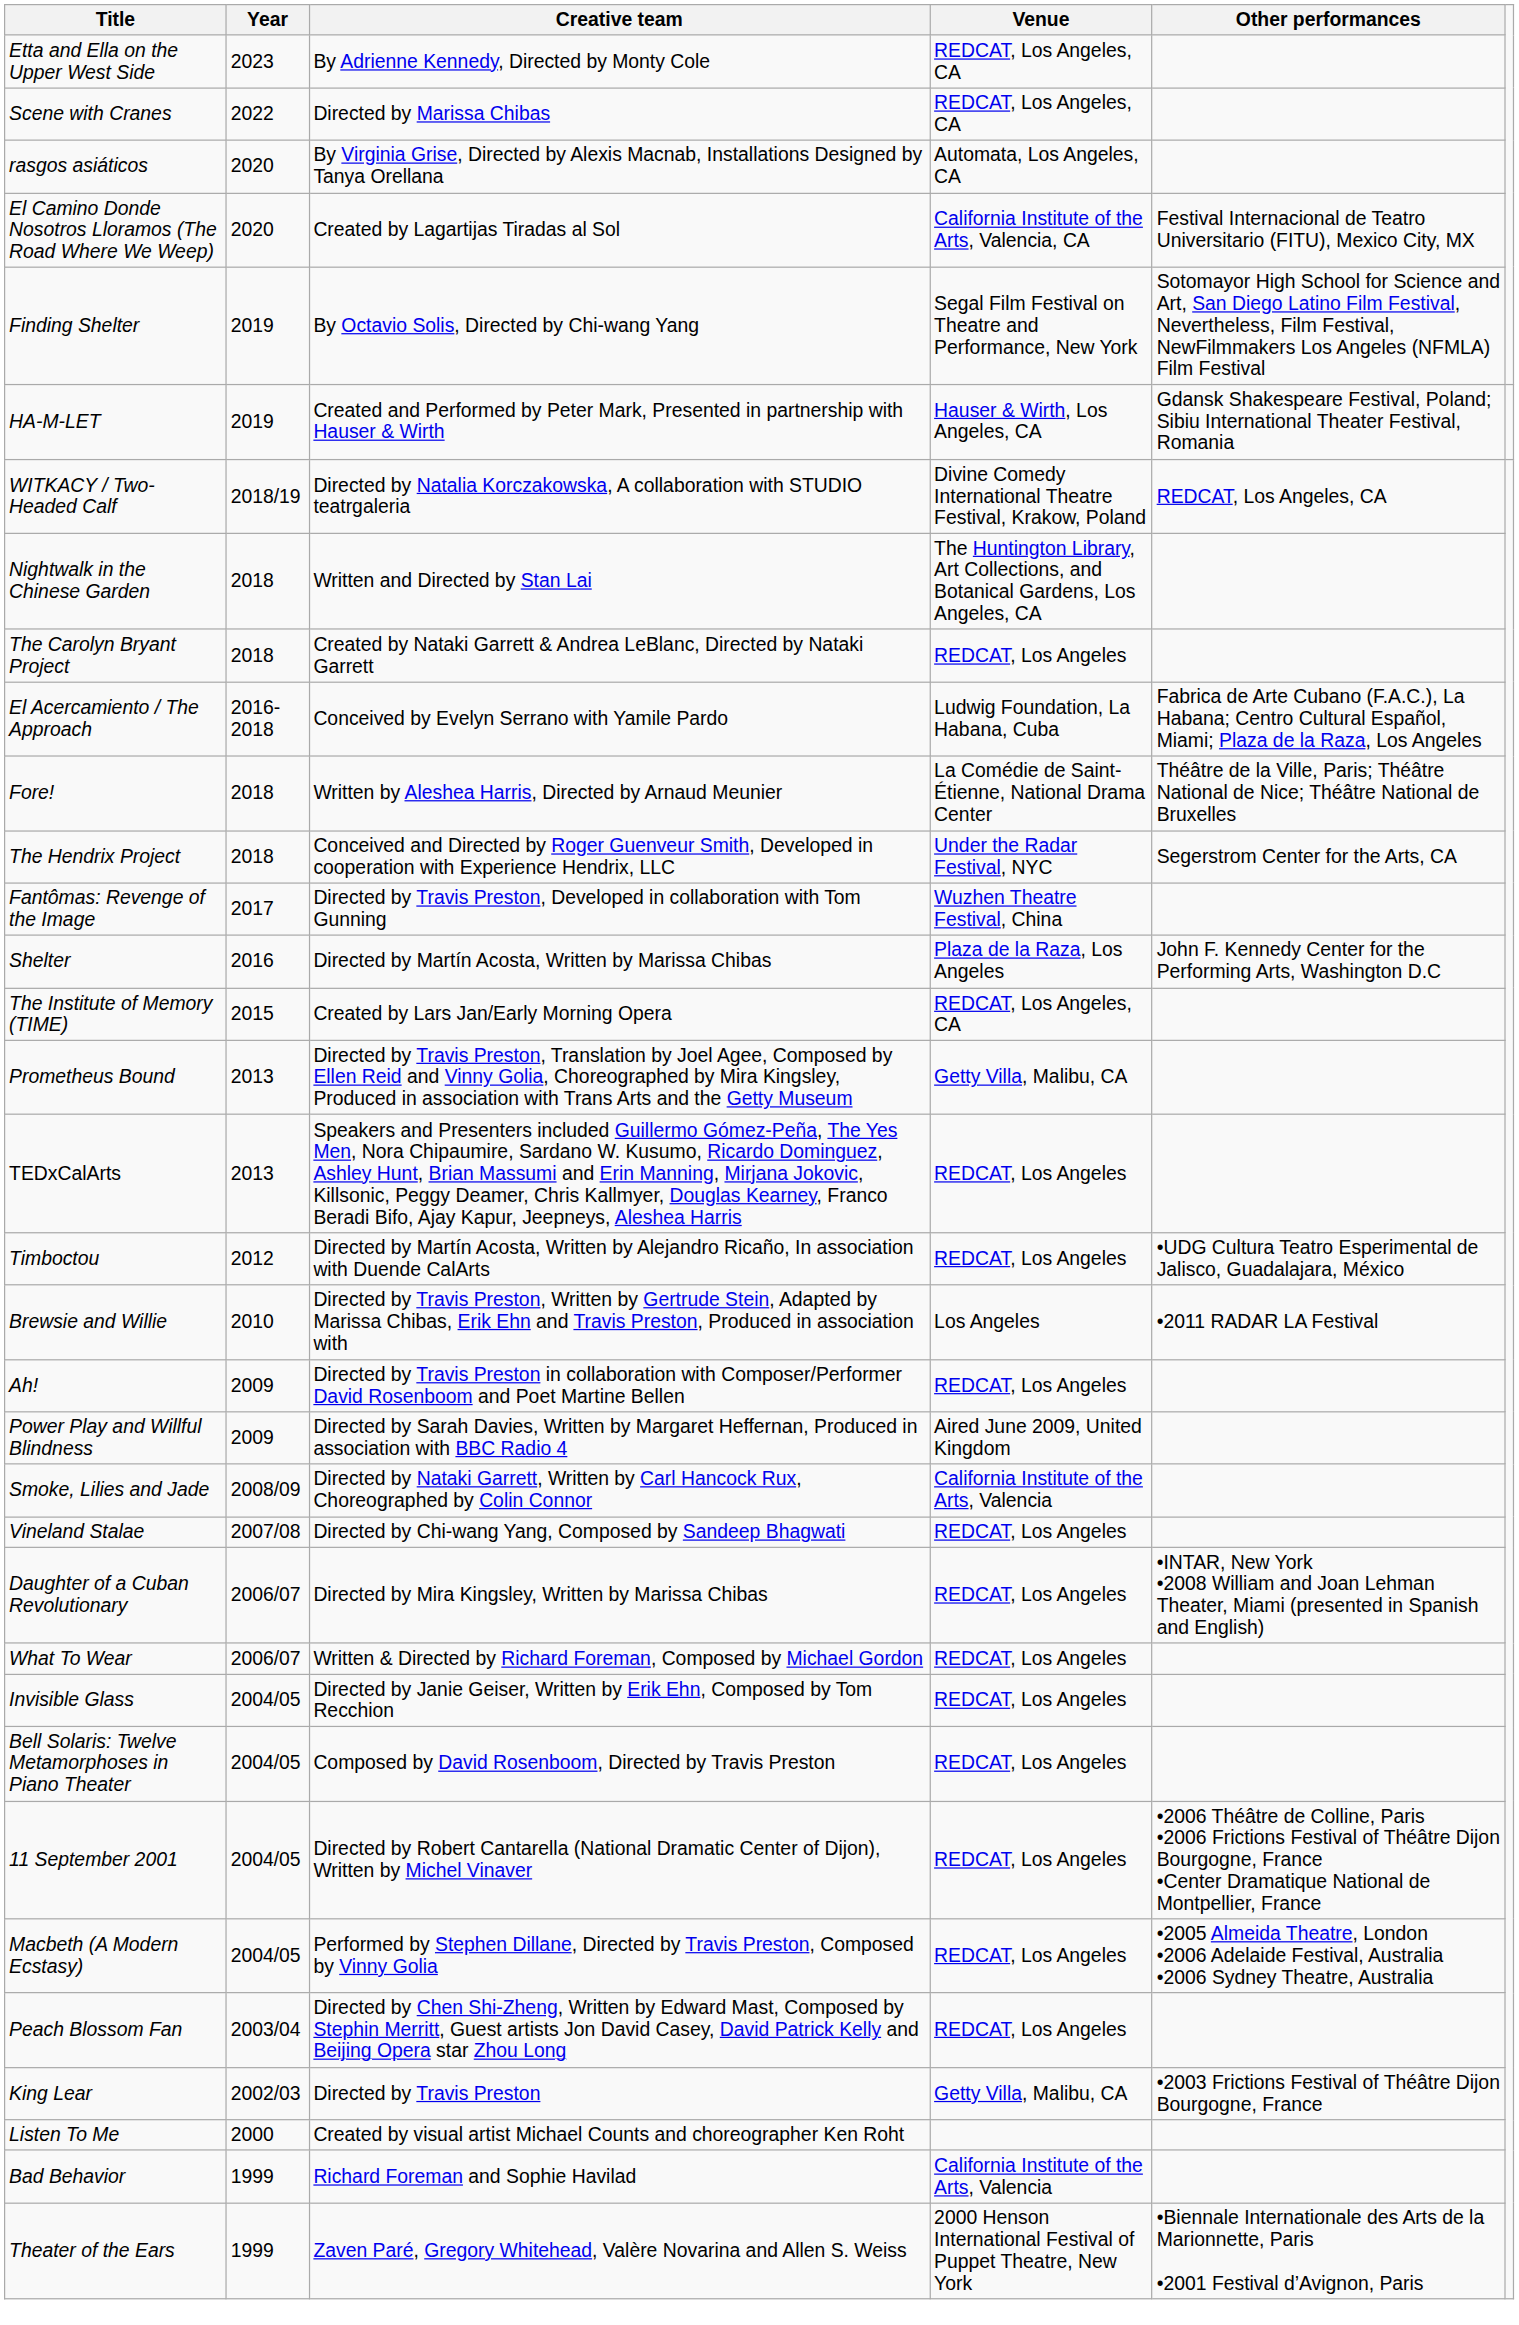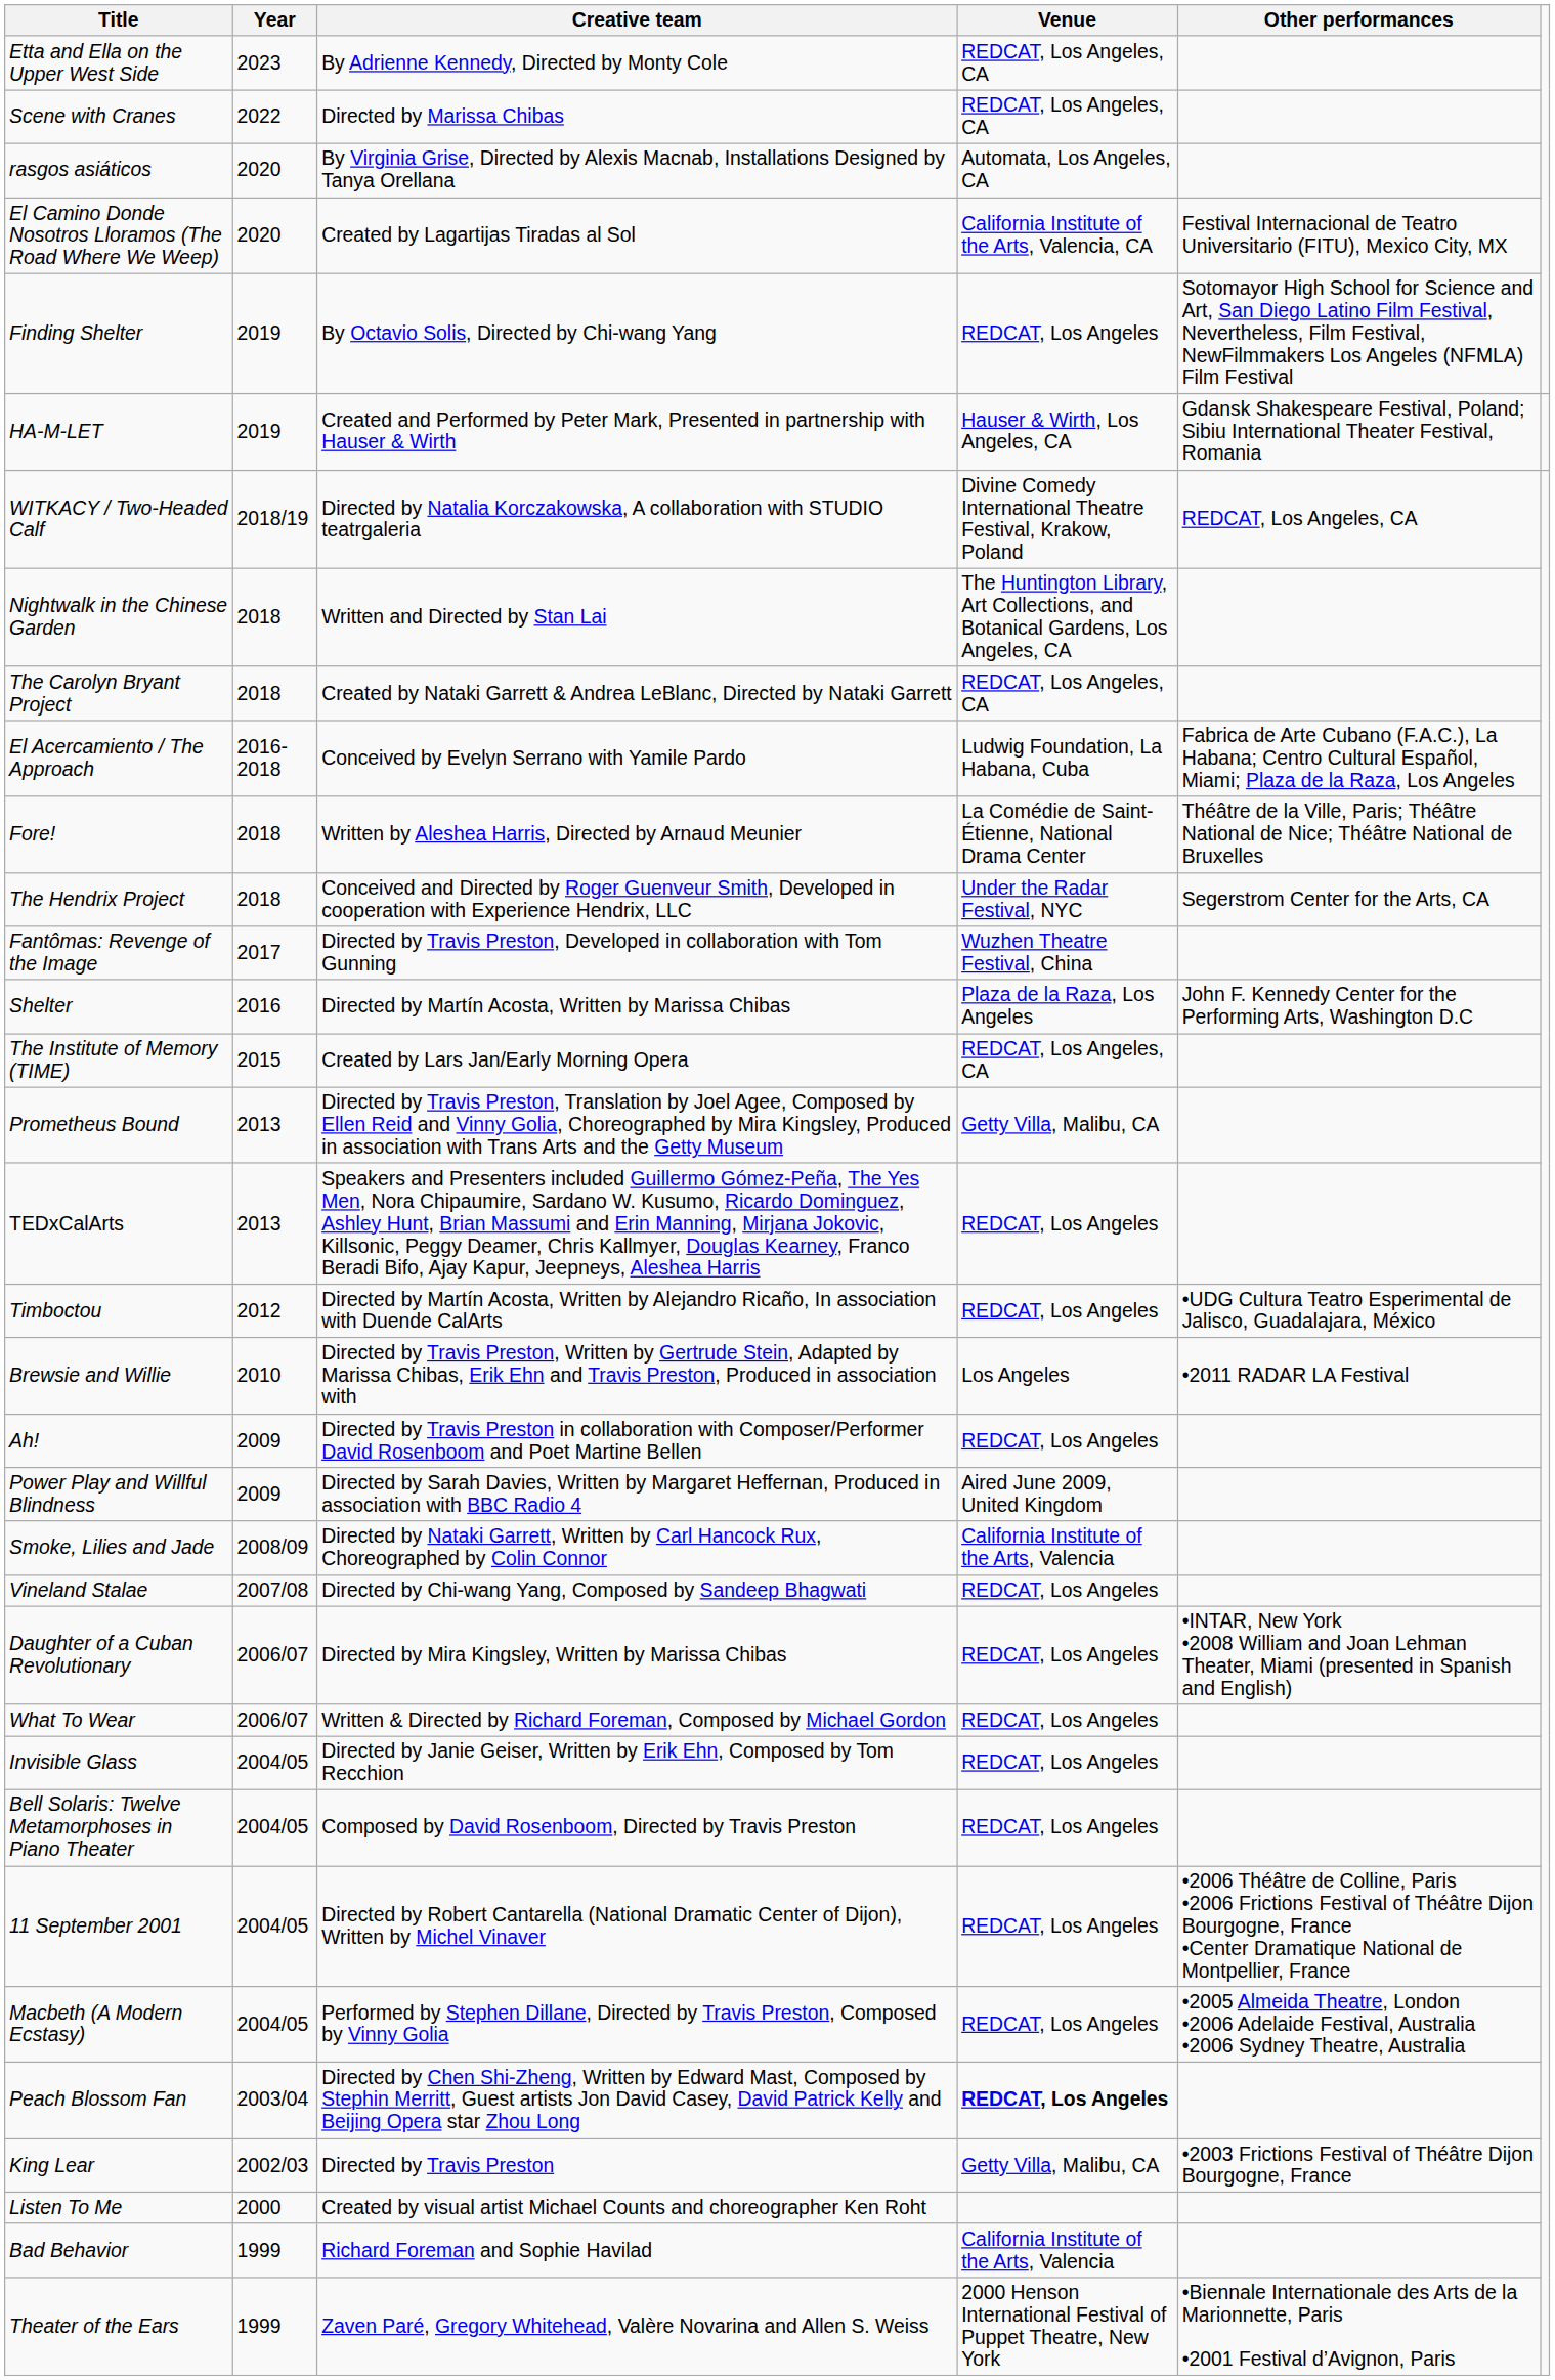 <table class="wikitable">
 <tr>
 <th>Title</th>
 <th>Year</th>
 <th>Creative team</th>
 <th>Venue</th>
 <th>Other performances</th>
 </tr>
 <tr>
 <td><em>Etta and Ella on the Upper West Side</em></td>
 <td>2023</td>
 <td>By <a href='#'>Adrienne Kennedy</a>, Directed by Monty Cole</td>
 <td><a href='#'>REDCAT</a>, Los Angeles, CA</td>
 <td></td>
 </tr>
 <tr>
 <td><em>Scene with Cranes</em></td>
 <td>2022</td>
 <td>Directed by <a href='#'>Marissa Chibas</a></td>
 <td><a href='#'>REDCAT</a>, Los Angeles, CA</td>
 <td></td>
 </tr>
 <tr>
 <td><em>rasgos asiáticos</em></td>
 <td>2020</td>
 <td>By <a href='#'>Virginia Grise</a>, Directed by Alexis Macnab, Installations Designed by Tanya Orellana</td>
 <td>Automata, Los Angeles, CA</td>
 <td></td>
 </tr>
 <tr>
 <td><em>El Camino Donde Nosotros Lloramos (The Road Where We Weep)</em></td>
 <td>2020</td>
 <td>Created by Lagartijas Tiradas al Sol</td>
 <td><a href='#'>California Institute of the Arts</a>, Valencia, CA</td>
 <td>Festival Internacional de Teatro Universitario (FITU), Mexico City, MX</td>
 </tr>
 <tr>
 <td><em>Finding Shelter</em></td>
 <td>2019</td>
 <td>By <a href='#'>Octavio Solis</a>, Directed by Chi-wang Yang</td>
-<td>Segal Film Festival on Theatre and Performance, New York</td>
+<td><a href='#'>REDCAT</a>, Los Angeles</td>
 <td>Sotomayor High School for Science and Art, <a href='#'>San Diego Latino Film Festival</a>, Nevertheless, Film Festival, NewFilmmakers Los Angeles (NFMLA) Film Festival</td>
 </tr>
 <tr>
 <td><em>HA-M-LET</em></td>
 <td>2019</td>
 <td>Created and Performed by Peter Mark, Presented in partnership with <a href='#'>Hauser & Wirth</a></td>
 <td><a href='#'>Hauser & Wirth</a>, Los Angeles, CA</td>
 <td>Gdansk Shakespeare Festival, Poland; Sibiu International Theater Festival, Romania</td>
 <td></td>
 </tr>
 <tr>
 <td><em>WITKACY / Two-Headed Calf</em></td>
 <td>2018/19</td>
 <td>Directed by <a href='#'>Natalia Korczakowska</a>, A collaboration with STUDIO teatrgaleria</td>
 <td>Divine Comedy International Theatre Festival, Krakow, Poland</td>
 <td><a href='#'>REDCAT</a>, Los Angeles, CA</td>
 </tr>
 <tr>
 <td><em>Nightwalk in the Chinese Garden</em></td>
 <td>2018</td>
 <td>Written and Directed by <a href='#'>Stan Lai</a></td>
 <td>The <a href='#'>Huntington Library</a>, Art Collections, and Botanical Gardens, Los Angeles, CA</td>
 <td></td>
 </tr>
 <tr>
 <td><em>The Carolyn Bryant Project</em></td>
 <td>2018</td>
 <td>Created by Nataki Garrett & Andrea LeBlanc, Directed by Nataki Garrett</td>
-<td><a href='#'>REDCAT</a>, Los Angeles</td>
+<td><a href='#'>REDCAT</a>, Los Angeles, CA</td>
 <td></td>
 </tr>
 <tr>
 <td><em>El Acercamiento / The Approach</em></td>
 <td>2016-2018</td>
 <td>Conceived by Evelyn Serrano with Yamile Pardo</td>
 <td>Ludwig Foundation, La Habana, Cuba</td>
 <td>Fabrica de Arte Cubano (F.A.C.), La Habana; Centro Cultural Español, Miami; <a href='#'>Plaza de la Raza</a>, Los Angeles</td>
 </tr>
 <tr>
 <td><em>Fore!</em></td>
 <td>2018</td>
 <td>Written by <a href='#'>Aleshea Harris</a>, Directed by Arnaud Meunier</td>
 <td>La Comédie de Saint-Étienne, National Drama Center</td>
 <td>Théâtre de la Ville, Paris; Théâtre National de Nice; Théâtre National de Bruxelles</td>
 </tr>
 <tr>
 <td><em>The Hendrix Project</em></td>
 <td>2018</td>
 <td>Conceived and Directed by <a href='#'>Roger Guenveur Smith</a>, Developed in cooperation with Experience Hendrix, LLC</td>
 <td><a href='#'>Under the Radar Festival</a>, NYC</td>
 <td>Segerstrom Center for the Arts, CA</td>
 </tr>
 <tr>
 <td><em>Fantômas: Revenge of the Image</em></td>
 <td>2017</td>
 <td>Directed by <a href='#'>Travis Preston</a>, Developed in collaboration with Tom Gunning</td>
 <td><a href='#'>Wuzhen Theatre Festival</a>, China</td>
 <td></td>
 </tr>
 <tr>
 <td><em>Shelter</em></td>
 <td>2016</td>
 <td>Directed by Martín Acosta, Written by Marissa Chibas</td>
 <td><a href='#'>Plaza de la Raza</a>, Los Angeles</td>
 <td>John F. Kennedy Center for the Performing Arts, Washington D.C</td>
 </tr>
 <tr>
 <td><em>The Institute of Memory (TIME)</em></td>
 <td>2015</td>
 <td>Created by Lars Jan/Early Morning Opera</td>
 <td><a href='#'>REDCAT</a>, Los Angeles, CA</td>
 <td></td>
 </tr>
 <tr>
 <td><em>Prometheus Bound</em></td>
 <td>2013</td>
 <td>Directed by <a href='#'>Travis Preston</a>, Translation by Joel Agee, Composed by <a href='#'>Ellen Reid</a> and <a href='#'>Vinny Golia</a>, Choreographed by Mira Kingsley, Produced in association with Trans Arts and the <a href='#'>Getty Museum</a></td>
 <td><a href='#'>Getty Villa</a>, Malibu, CA</td>
 <td></td>
 </tr>
 <tr>
 <td>TEDxCalArts</td>
 <td>2013</td>
 <td>Speakers and Presenters included <a href='#'>Guillermo Gómez-Peña</a>, <a href='#'>The Yes Men</a>, Nora Chipaumire, Sardano W. Kusumo, <a href='#'>Ricardo Dominguez</a>, <a href='#'>Ashley Hunt</a>, <a href='#'>Brian Massumi</a> and <a href='#'>Erin Manning</a>, <a href='#'>Mirjana Jokovic</a>, Killsonic, Peggy Deamer, Chris Kallmyer, <a href='#'>Douglas Kearney</a>, Franco Beradi Bifo, Ajay Kapur, Jeepneys, <a href='#'>Aleshea Harris</a></td>
 <td><a href='#'>REDCAT</a>, Los Angeles</td>
 <td></td>
 </tr>
 <tr>
 <td><em>Timboctou</em></td>
 <td>2012</td>
 <td>Directed by Martín Acosta, Written by Alejandro Ricaño, In association with Duende CalArts</td>
 <td><a href='#'>REDCAT</a>, Los Angeles</td>
 <td>•UDG Cultura Teatro Esperimental de Jalisco, Guadalajara, México</td>
 </tr>
 <tr>
 <td><em>Brewsie and Willie</em></td>
 <td>2010</td>
 <td>Directed by <a href='#'>Travis Preston</a>, Written by <a href='#'>Gertrude Stein</a>, Adapted by Marissa Chibas, <a href='#'>Erik Ehn</a> and <a href='#'>Travis Preston</a>, Produced in association with </td>
 <td>Los Angeles</td>
 <td>•2011 RADAR LA Festival</td>
 </tr>
 <tr>
 <td><em>Ah!</em></td>
 <td>2009</td>
 <td>Directed by <a href='#'>Travis Preston</a> in collaboration with Composer/Performer <a href='#'>David Rosenboom</a> and Poet Martine Bellen</td>
 <td><a href='#'>REDCAT</a>, Los Angeles</td>
 <td></td>
 </tr>
 <tr>
 <td><em>Power Play and Willful Blindness</em></td>
 <td>2009</td>
 <td>Directed by Sarah Davies, Written by Margaret Heffernan, Produced in association with <a href='#'>BBC Radio 4</a></td>
 <td>Aired June 2009, United Kingdom</td>
 <td></td>
 </tr>
 <tr>
 <td><em>Smoke, Lilies and Jade</em></td>
 <td>2008/09</td>
 <td>Directed by <a href='#'>Nataki Garrett</a>, Written by <a href='#'>Carl Hancock Rux</a>, Choreographed by <a href='#'>Colin Connor</a></td>
 <td><a href='#'>California Institute of the Arts</a>, Valencia</td>
 <td></td>
 </tr>
 <tr>
 <td><em>Vineland Stalae</em></td>
 <td>2007/08</td>
 <td>Directed by Chi-wang Yang, Composed by <a href='#'>Sandeep Bhagwati</a></td>
 <td><a href='#'>REDCAT</a>, Los Angeles</td>
 <td></td>
 </tr>
 <tr>
 <td><em>Daughter of a Cuban Revolutionary</em></td>
 <td>2006/07</td>
 <td>Directed by Mira Kingsley, Written by Marissa Chibas</td>
 <td><a href='#'>REDCAT</a>, Los Angeles</td>
 <td>•INTAR, New York<br>•2008 William and Joan Lehman Theater, Miami (presented in Spanish and English)</td>
 </tr>
 <tr>
 <td><em>What To Wear</em></td>
 <td>2006/07</td>
 <td>Written & Directed by <a href='#'>Richard Foreman</a>, Composed by <a href='#'>Michael Gordon</a></td>
 <td><a href='#'>REDCAT</a>, Los Angeles</td>
 <td></td>
 </tr>
 <tr>
 <td><em>Invisible Glass</em></td>
 <td>2004/05</td>
 <td>Directed by Janie Geiser, Written by <a href='#'>Erik Ehn</a>, Composed by Tom Recchion</td>
 <td><a href='#'>REDCAT</a>, Los Angeles</td>
 <td></td>
 </tr>
 <tr>
 <td><em>Bell Solaris: Twelve Metamorphoses in Piano Theater</em></td>
 <td>2004/05</td>
 <td>Composed by <a href='#'>David Rosenboom</a>, Directed by Travis Preston</td>
 <td><a href='#'>REDCAT</a>, Los Angeles</td>
 <td></td>
 </tr>
 <tr>
 <td><em>11 September 2001</em></td>
 <td>2004/05</td>
 <td>Directed by Robert Cantarella (National Dramatic Center of Dijon), Written by <a href='#'>Michel Vinaver</a></td>
 <td><a href='#'>REDCAT</a>, Los Angeles</td>
 <td>•2006 Théâtre de Colline, Paris<br>•2006 Frictions Festival of Théâtre Dijon Bourgogne, France<br> •Center Dramatique National de Montpellier, France</td>
 </tr>
 <tr>
 <td><em>Macbeth (A Modern Ecstasy)</em></td>
 <td>2004/05</td>
 <td>Performed by <a href='#'>Stephen Dillane</a>, Directed by <a href='#'>Travis Preston</a>, Composed by <a href='#'>Vinny Golia</a></td>
 <td><a href='#'>REDCAT</a>, Los Angeles</td>
 <td>•2005 <a href='#'>Almeida Theatre</a>, London<br>•2006 Adelaide Festival, Australia<br> •2006 Sydney Theatre, Australia</td>
 </tr>
 <tr>
 <td><em>Peach Blossom Fan</em></td>
 <td>2003/04</td>
 <td>Directed by <a href='#'>Chen Shi-Zheng</a>, Written by Edward Mast, Composed by <a href='#'>Stephin Merritt</a>, Guest artists Jon David Casey, <a href='#'>David Patrick Kelly</a> and <a href='#'>Beijing Opera</a> star <a href='#'>Zhou Long</a></td>
-<td><a href='#'>REDCAT</a>, Los Angeles</td>
+<td><strong><a href='#'>REDCAT</a>, Los Angeles</strong></td>
 <td></td>
 </tr>
 <tr>
 <td><em>King Lear</em></td>
 <td>2002/03</td>
 <td>Directed by <a href='#'>Travis Preston</a></td>
 <td><a href='#'>Getty Villa</a>, Malibu, CA</td>
 <td>•2003 Frictions Festival of Théâtre Dijon Bourgogne, France</td>
 </tr>
 <tr>
 <td><em>Listen To Me</em></td>
 <td>2000</td>
 <td>Created by visual artist Michael Counts and choreographer Ken Roht</td>
 <td></td>
 <td></td>
 </tr>
 <tr>
 <td><em>Bad Behavior</em></td>
 <td>1999</td>
 <td><a href='#'>Richard Foreman</a> and Sophie Havilad</td>
 <td><a href='#'>California Institute of the Arts</a>, Valencia</td>
 <td></td>
 </tr>
 <tr>
 <td><em>Theater of the Ears</em></td>
 <td>1999</td>
 <td><a href='#'>Zaven Paré</a>, <a href='#'>Gregory Whitehead</a>, Valère Novarina and Allen S. Weiss</td>
 <td>2000 Henson International Festival of Puppet Theatre, New York</td>
 <td>•Biennale Internationale des Arts de la Marionnette, Paris <br><br>•2001 Festival d’Avignon, Paris</td>
 </tr>
 </table>
